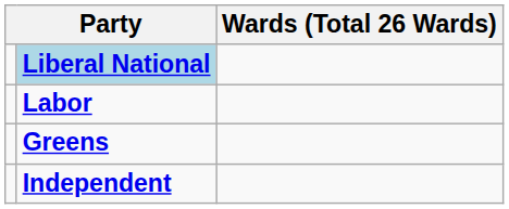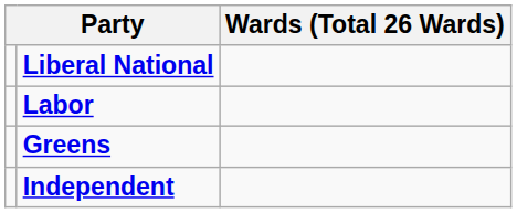 <table class="wikitable">
 <tr>
 <th colspan="2">Party</th>
 <th colspan="2">Wards (Total 26 Wards)</th>
 </tr>
 <tr style="font-weight:bold">
 <td></td>
-<td style="background: lightblue;"><a href='#'>Liberal National</a></td>
+<td><a href='#'>Liberal National</a></td>
 <td></td>
 </tr>
 <tr style="font-weight:bold">
 <td></td>
 <td><a href='#'>Labor</a></td>
 <td></td>
 </tr>
 <tr style="font-weight:bold">
 <td></td>
 <td><a href='#'>Greens</a></td>
 <td></td>
 </tr>
 <tr style="font-weight:bold">
 <td></td>
 <td><a href='#'>Independent</a></td>
 <td></td>
 </tr>
 </table>
